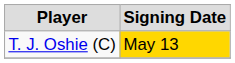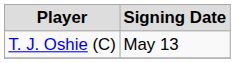 <table class="wikitable">
 <tr align="center"  bgcolor="#dddddd">
 <td><strong>Player</strong></td>
 <td><strong>Signing Date</strong></td>
 </tr>
 <tr>
 <td><a href='#'>T. J. Oshie</a> (C)</td>
-<td style="background: gold;">May 13</td>
+<td>May 13</td>
 </tr>
 <tr>
 </tr>
 </table>
